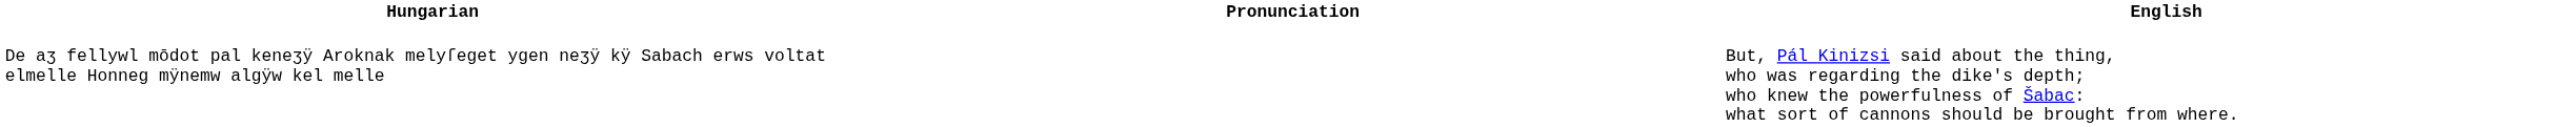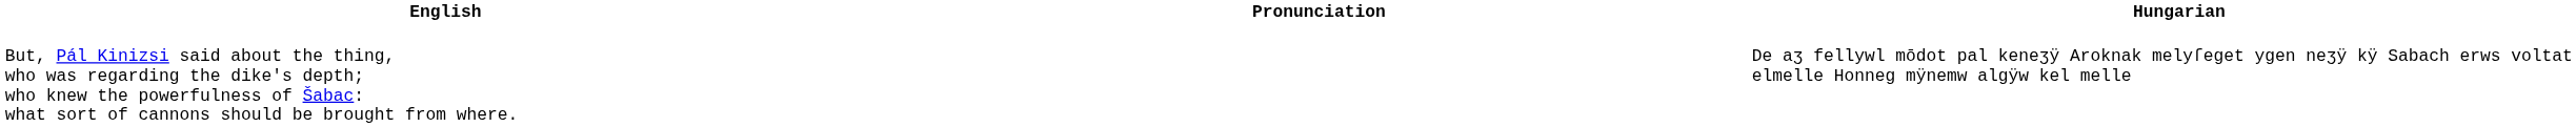 <table border=0>
 <tr align=center>
+<th>English</th>
+<th>Pronunciation</th>
 <th>Hungarian</th>
-<th>Pronunciation</th>
-<th>English</th>
 </tr>
 <tr --- valign="top">
+<td><br>But, <a href='#'>Pál Kinizsi</a> said about the thing,<br>who was regarding the dike's depth;<br>who knew the powerfulness of <a href='#'>Šabac</a>:<br>what sort of cannons should be brought from where.</td>
+<td width="33%"><br><br> <br> <br> </td>
 <td width="33%"><br>De aʒ fellywl mōdot pal keneʒÿ Aroknak melyſeget ygen neʒÿ kÿ Sabach erws voltat elmelle Honneg mÿnemw algÿw kel melle</td>
-<td width="33%"><br><br> <br> <br> </td>
-<td><br>But, <a href='#'>Pál Kinizsi</a> said about the thing,<br>who was regarding the dike's depth;<br>who knew the powerfulness of <a href='#'>Šabac</a>:<br>what sort of cannons should be brought from where.</td>
 </tr>
 </table>
